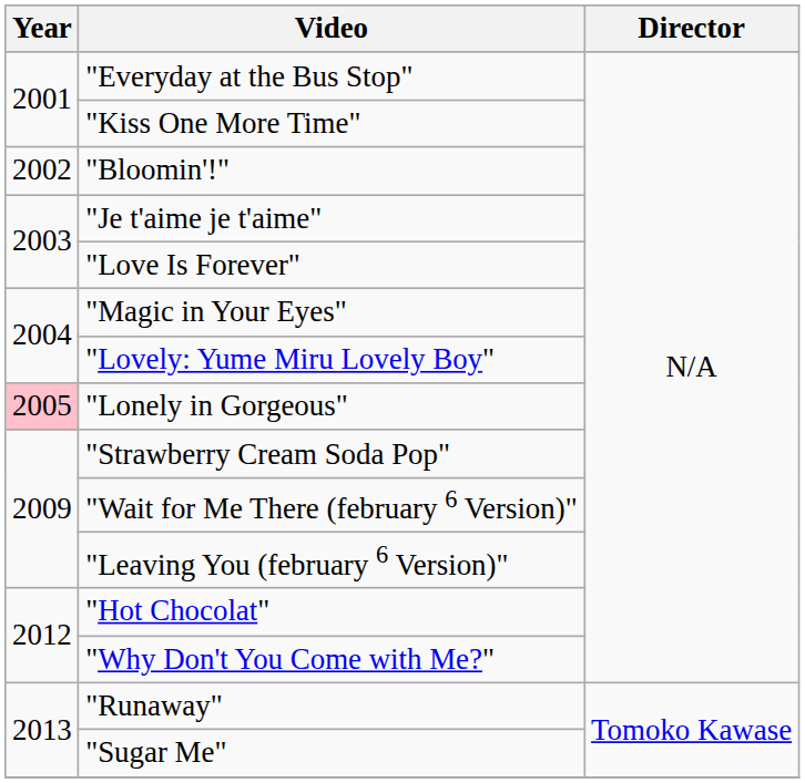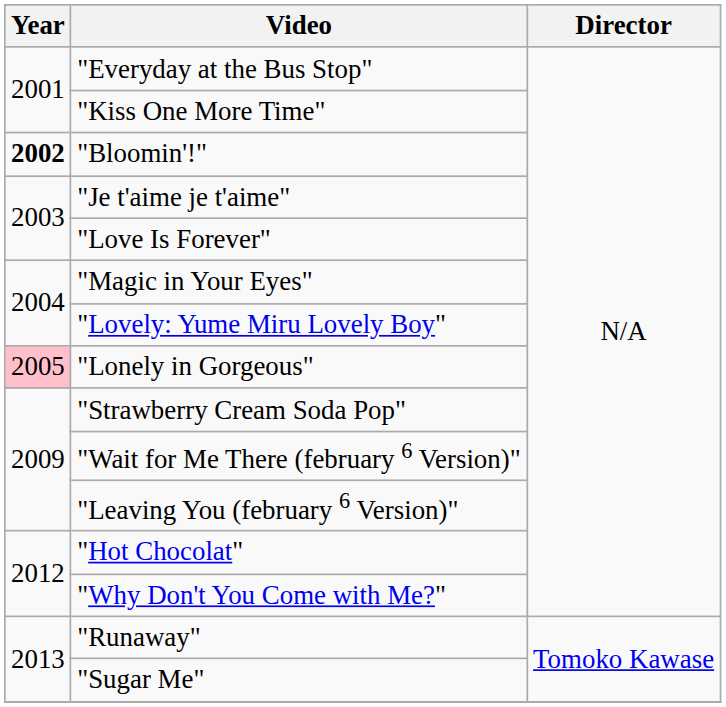 <table class="wikitable plainrowheaders" style="text-align:center;">
 <tr>
 <th>Year</th>
 <th>Video</th>
 <th>Director</th>
 </tr>
 <tr>
 <td align="center" rowspan="2">2001</td>
 <td align="left">"Everyday at the Bus Stop"</td>
 <td rowspan="13">N/A</td>
 </tr>
 <tr>
 <td align="left">"Kiss One More Time"</td>
 </tr>
 <tr>
-<td align="center" rowspan="1">2002</td>
+<td align="center" rowspan="1"><strong>2002</strong></td>
 <td align="left">"Bloomin'!"</td>
 </tr>
 <tr>
 <td align="center" rowspan="2">2003</td>
 <td align="left">"Je t'aime je t'aime"</td>
 </tr>
 <tr>
 <td align="left">"Love Is Forever"</td>
 </tr>
 <tr>
 <td align="center" rowspan="2">2004</td>
 <td align="left">"Magic in Your Eyes"</td>
 </tr>
 <tr>
 <td align="left">"<a href='#'>Lovely: Yume Miru Lovely Boy</a>"</td>
 </tr>
 <tr>
 <td align="center" rowspan="1" style="background: pink;">2005</td>
 <td align="left">"Lonely in Gorgeous"</td>
 </tr>
 <tr>
 <td align="center" rowspan="3">2009</td>
 <td align="left">"Strawberry Cream Soda Pop"</td>
 </tr>
 <tr>
 <td align="left">"Wait for Me There (february <sup>6</sup> Version)"</td>
 </tr>
 <tr>
 <td align="left">"Leaving You (february <sup>6</sup> Version)"</td>
 </tr>
 <tr>
 <td align="center" rowspan="2">2012</td>
 <td align="left">"<a href='#'>Hot Chocolat</a>"</td>
 </tr>
 <tr>
 <td align="left">"<a href='#'>Why Don't You Come with Me?</a>"</td>
 </tr>
 <tr>
 <td align="center" rowspan="2">2013</td>
 <td align="left">"Runaway"</td>
 <td rowspan="2"><a href='#'>Tomoko Kawase</a></td>
 </tr>
 <tr>
 <td align="left">"Sugar Me"</td>
 </tr>
 <tr>
 </tr>
 </table>
